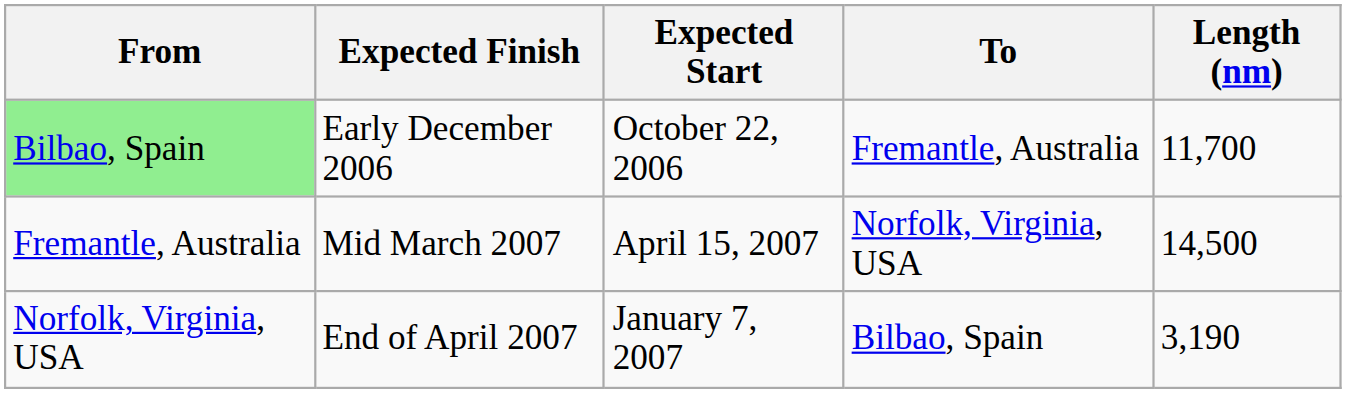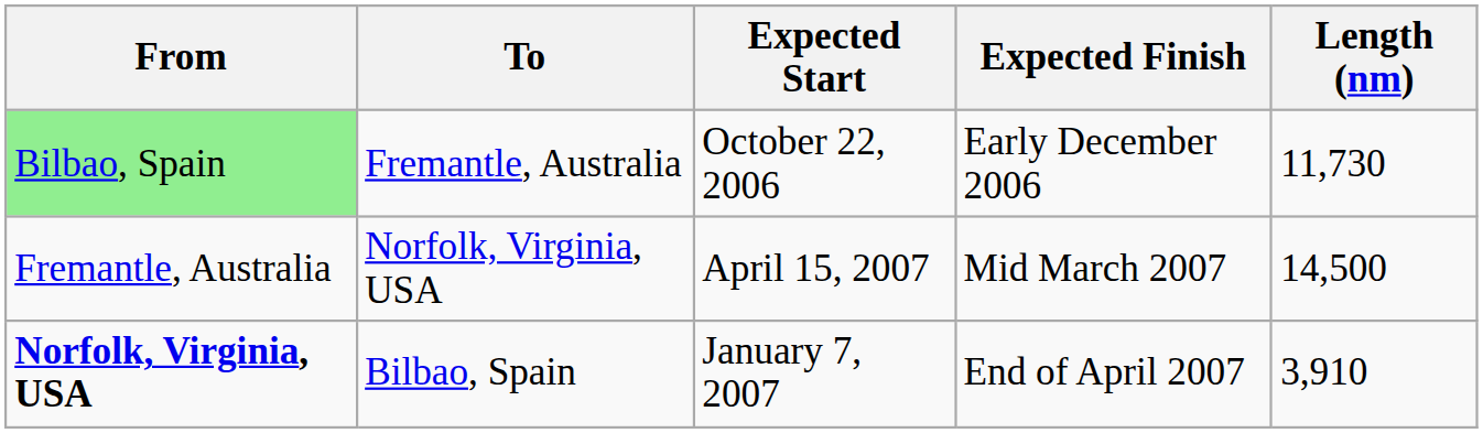 <table class="wikitable">
 <tr>
 <th>From</th>
+<th>To</th>
+<th>Expected Start</th>
 <th>Expected Finish</th>
-<th>Expected Start</th>
-<th>To</th>
 <th>Length (<a href='#'>nm</a>)</th>
 </tr>
 <tr>
 <td style="background: lightgreen;"><a href='#'>Bilbao</a>, Spain</td>
+<td><a href='#'>Fremantle</a>, Australia</td>
+<td>October 22, 2006</td>
 <td>Early December 2006</td>
-<td>October 22, 2006</td>
-<td><a href='#'>Fremantle</a>, Australia</td>
-<td>11,700</td>
+<td>11,730</td>
 </tr>
 <tr>
 <td><a href='#'>Fremantle</a>, Australia</td>
+<td><a href='#'>Norfolk, Virginia</a>, USA</td>
+<td>April 15, 2007</td>
 <td>Mid March 2007</td>
-<td>April 15, 2007</td>
-<td><a href='#'>Norfolk, Virginia</a>, USA</td>
 <td>14,500</td>
 </tr>
 <tr>
-<td><a href='#'>Norfolk, Virginia</a>, USA</td>
+<td><strong><a href='#'>Norfolk, Virginia</a>, USA</strong></td>
+<td><a href='#'>Bilbao</a>, Spain</td>
+<td>January 7, 2007</td>
 <td>End of April 2007</td>
-<td>January 7, 2007</td>
-<td><a href='#'>Bilbao</a>, Spain</td>
-<td>3,190</td>
+<td>3,910</td>
 </tr>
 </table>
